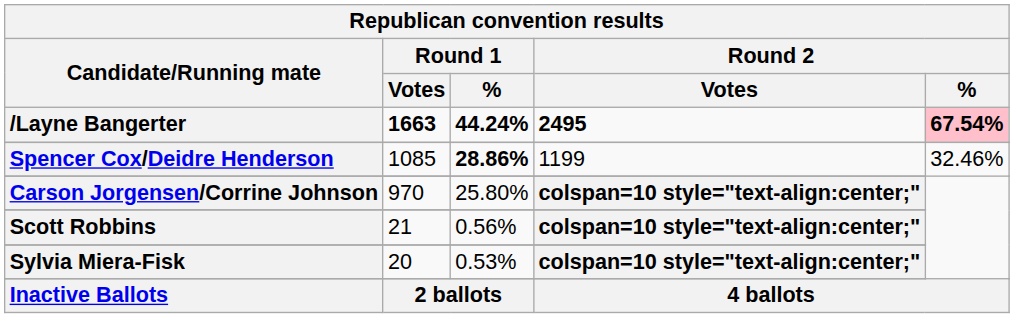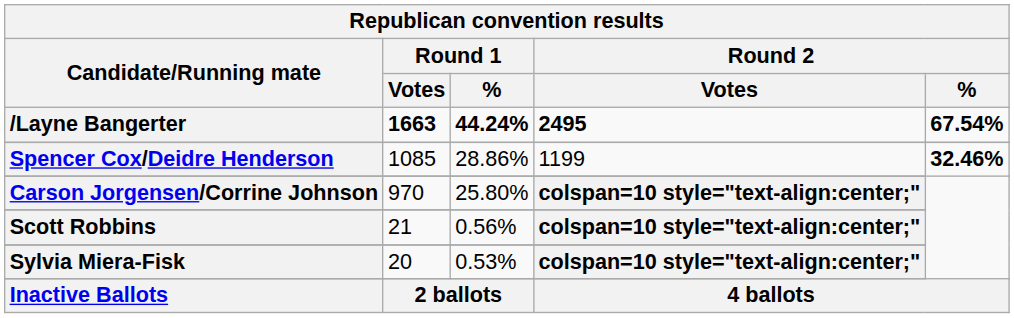 <table class="wikitable sortable">
 <tr>
 <th colspan="5">Republican convention results</th>
 </tr>
 <tr style="background:#eee; text-align:center;">
 <th rowspan=2 style="text-align:center;">Candidate/Running mate</th>
 <th colspan=2 style="text-align:center;">Round 1</th>
 <th colspan=2 style="text-align:center;">Round 2</th>
 </tr>
 <tr>
 <th>Votes</th>
 <th>%</th>
 <th>Votes</th>
 <th>%</th>
 </tr>
 <tr>
 <th scope="row" style="text-align:left;">/Layne Bangerter</th>
 <td><strong>1663</strong></td>
 <td><strong>44.24%</strong></td>
 <td><strong>2495</strong></td>
-<td style="background: pink;"><strong>67.54%</strong></td>
+<td><strong>67.54%</strong></td>
 </tr>
 <tr>
 </tr>
 <tr>
 </tr>
 <tr>
 </tr>
 <tr>
 <th scope="row" style="text-align:left;"><a href='#'>Spencer Cox</a>/<a href='#'>Deidre Henderson</a></th>
 <td>1085</td>
-<td><strong>28.86%</strong></td>
+<td>28.86%</td>
 <td>1199</td>
-<td>32.46%</td>
+<td><strong>32.46%</strong></td>
 </tr>
 <tr>
 </tr>
 <tr>
 <th scope="row" style="text-align:left;"><a href='#'>Carson Jorgensen</a>/Corrine Johnson</th>
 <td>970</td>
 <td>25.80%</td>
 <th>colspan=10 style="text-align:center;" </th>
 </tr>
 <tr>
 </tr>
 <tr>
 <th scope="row" style="text-align:left;">Scott Robbins</th>
 <td>21</td>
 <td>0.56%</td>
 <th>colspan=10 style="text-align:center;" </th>
 </tr>
 <tr>
 </tr>
 <tr>
 <th scope="row" style="text-align:left;">Sylvia Miera-Fisk</th>
 <td>20</td>
 <td>0.53%</td>
 <th>colspan=10 style="text-align:center;" </th>
 </tr>
 <tr>
 </tr>
 <tr>
 <th scope="row" style="text-align:left;"><a href='#'>Inactive Ballots</a></th>
 <th colspan="2">2 ballots</th>
 <th colspan="2">4 ballots</th>
 </tr>
 </table>
